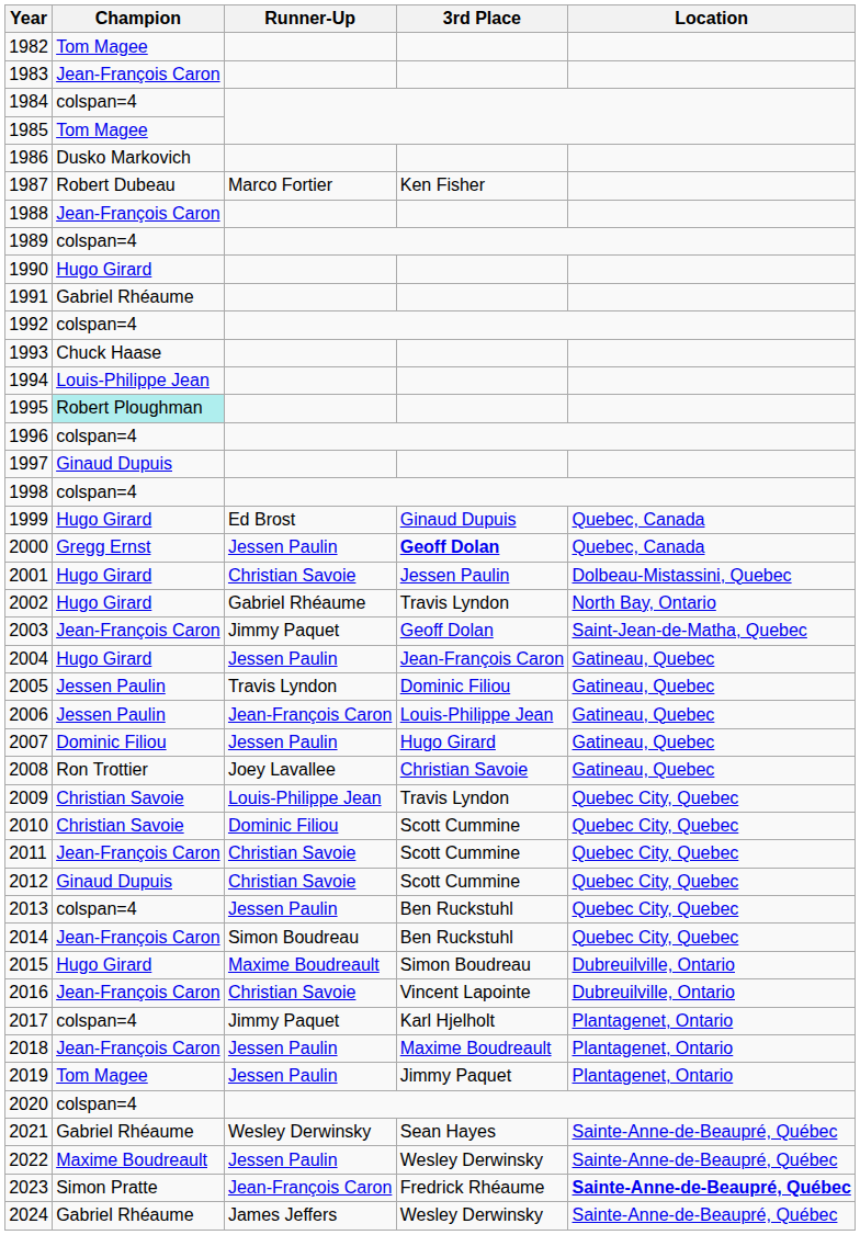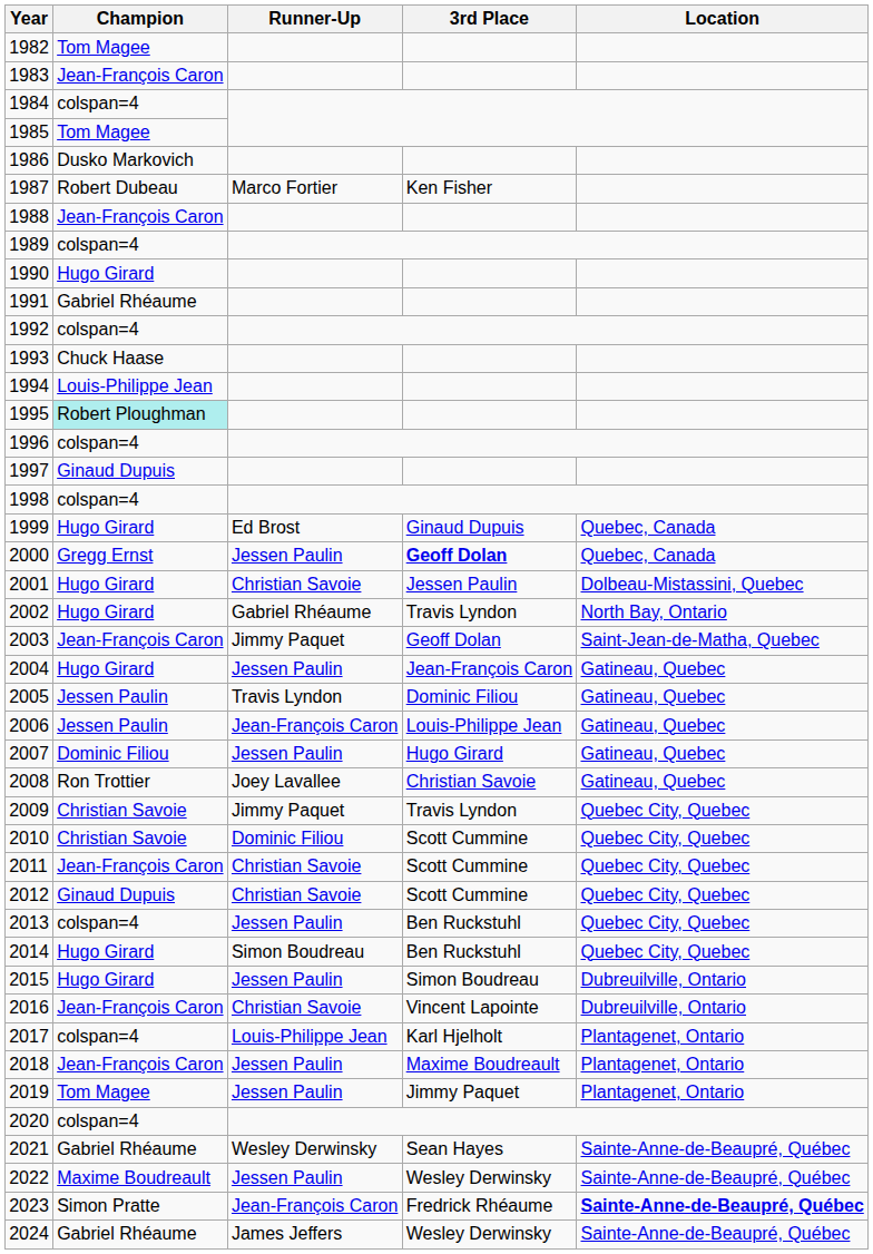 <table class="wikitable">
 <tr>
 <th>Year</th>
 <th>Champion</th>
 <th>Runner-Up</th>
 <th>3rd Place</th>
 <th>Location</th>
 </tr>
 <tr>
 <td>1982</td>
 <td> <a href='#'>Tom Magee</a></td>
 <td></td>
 <td></td>
 <td></td>
 </tr>
 <tr>
 <td>1983</td>
 <td> <a href='#'>Jean-François Caron</a></td>
 <td></td>
 <td></td>
 <td></td>
 </tr>
 <tr>
 <td>1984</td>
 <td>colspan=4 </td>
 </tr>
 <tr>
 <td>1985</td>
 <td> <a href='#'>Tom Magee</a></td>
 </tr>
 <tr>
 <td>1986</td>
 <td> Dusko Markovich</td>
 <td></td>
 <td></td>
 <td></td>
 </tr>
 <tr>
 <td>1987</td>
 <td> Robert Dubeau</td>
 <td> Marco Fortier</td>
 <td> Ken Fisher</td>
 <td></td>
 </tr>
 <tr>
 <td>1988</td>
 <td> <a href='#'>Jean-François Caron</a></td>
 <td></td>
 <td></td>
 <td></td>
 </tr>
 <tr>
 <td>1989</td>
 <td>colspan=4 </td>
 </tr>
 <tr>
 <td>1990</td>
 <td> <a href='#'>Hugo Girard</a></td>
 <td></td>
 <td></td>
 <td></td>
 </tr>
 <tr>
 <td>1991</td>
 <td> Gabriel Rhéaume</td>
 <td></td>
 <td></td>
 <td></td>
 </tr>
 <tr>
 <td>1992</td>
 <td>colspan=4 </td>
 </tr>
 <tr>
 <td>1993</td>
 <td> Chuck Haase</td>
 <td></td>
 <td></td>
 <td></td>
 </tr>
 <tr>
 <td>1994</td>
 <td> <a href='#'>Louis-Philippe Jean</a></td>
 <td></td>
 <td></td>
 <td></td>
 </tr>
 <tr>
 <td>1995</td>
 <td style="background: paleturquoise;"> Robert Ploughman</td>
 <td></td>
 <td></td>
 <td></td>
 </tr>
 <tr>
 <td>1996</td>
 <td>colspan=4 </td>
 </tr>
 <tr>
 <td>1997</td>
 <td> <a href='#'>Ginaud Dupuis</a></td>
 <td></td>
 <td></td>
 <td></td>
 </tr>
 <tr>
 <td>1998</td>
 <td>colspan=4 </td>
 </tr>
 <tr>
 <td>1999</td>
 <td> <a href='#'>Hugo Girard</a></td>
 <td> Ed Brost</td>
 <td> <a href='#'>Ginaud Dupuis</a></td>
 <td><a href='#'>Quebec, Canada</a></td>
 </tr>
 <tr>
 <td>2000</td>
 <td> <a href='#'>Gregg Ernst</a></td>
 <td> <a href='#'>Jessen Paulin</a></td>
 <td><strong> <a href='#'>Geoff Dolan</a></strong></td>
 <td><a href='#'>Quebec, Canada</a></td>
 </tr>
 <tr>
 <td>2001</td>
 <td> <a href='#'>Hugo Girard</a></td>
 <td> <a href='#'>Christian Savoie</a></td>
 <td> <a href='#'>Jessen Paulin</a></td>
 <td><a href='#'>Dolbeau-Mistassini, Quebec</a></td>
 </tr>
 <tr>
 <td>2002</td>
 <td> <a href='#'>Hugo Girard</a></td>
 <td> Gabriel Rhéaume</td>
 <td> Travis Lyndon</td>
 <td><a href='#'>North Bay, Ontario</a></td>
 </tr>
 <tr>
 <td>2003</td>
 <td> <a href='#'>Jean-François Caron</a></td>
 <td> Jimmy Paquet</td>
 <td> <a href='#'>Geoff Dolan</a></td>
 <td><a href='#'>Saint-Jean-de-Matha, Quebec</a></td>
 </tr>
 <tr>
 <td>2004</td>
 <td> <a href='#'>Hugo Girard</a></td>
 <td> <a href='#'>Jessen Paulin</a></td>
 <td> <a href='#'>Jean-François Caron</a></td>
 <td><a href='#'>Gatineau, Quebec</a></td>
 </tr>
 <tr>
 <td>2005</td>
 <td> <a href='#'>Jessen Paulin</a></td>
 <td> Travis Lyndon</td>
 <td> <a href='#'>Dominic Filiou</a></td>
 <td><a href='#'>Gatineau, Quebec</a></td>
 </tr>
 <tr>
 <td>2006</td>
 <td> <a href='#'>Jessen Paulin</a></td>
 <td> <a href='#'>Jean-François Caron</a></td>
 <td> <a href='#'>Louis-Philippe Jean</a></td>
 <td><a href='#'>Gatineau, Quebec</a></td>
 </tr>
 <tr>
 <td>2007</td>
 <td> <a href='#'>Dominic Filiou</a></td>
 <td> <a href='#'>Jessen Paulin</a></td>
 <td> <a href='#'>Hugo Girard</a></td>
 <td><a href='#'>Gatineau, Quebec</a></td>
 </tr>
 <tr>
 <td>2008</td>
 <td> Ron Trottier</td>
 <td> Joey Lavallee</td>
 <td> <a href='#'>Christian Savoie</a></td>
 <td><a href='#'>Gatineau, Quebec</a></td>
 </tr>
 <tr>
 <td>2009</td>
 <td> <a href='#'>Christian Savoie</a></td>
-<td> <a href='#'>Louis-Philippe Jean</a></td>
+<td> Jimmy Paquet</td>
 <td> Travis Lyndon</td>
 <td><a href='#'>Quebec City, Quebec</a></td>
 </tr>
 <tr>
 <td>2010</td>
 <td> <a href='#'>Christian Savoie</a></td>
 <td> <a href='#'>Dominic Filiou</a></td>
 <td> Scott Cummine</td>
 <td><a href='#'>Quebec City, Quebec</a></td>
 </tr>
 <tr>
 <td>2011</td>
 <td> <a href='#'>Jean-François Caron</a></td>
 <td> <a href='#'>Christian Savoie</a></td>
 <td> Scott Cummine</td>
 <td><a href='#'>Quebec City, Quebec</a></td>
 </tr>
 <tr>
 <td>2012</td>
 <td> <a href='#'>Ginaud Dupuis</a></td>
 <td> <a href='#'>Christian Savoie</a></td>
 <td> Scott Cummine</td>
 <td><a href='#'>Quebec City, Quebec</a></td>
 </tr>
 <tr>
 <td>2013</td>
 <td>colspan=4 </td>
 <td> <a href='#'>Jessen Paulin</a></td>
 <td> Ben Ruckstuhl</td>
 <td><a href='#'>Quebec City, Quebec</a></td>
 </tr>
 <tr>
 <td>2014</td>
-<td> <a href='#'>Jean-François Caron</a></td>
+<td> <a href='#'>Hugo Girard</a></td>
 <td> Simon Boudreau</td>
 <td> Ben Ruckstuhl</td>
 <td><a href='#'>Quebec City, Quebec</a></td>
 </tr>
 <tr>
 <td>2015</td>
 <td> <a href='#'>Hugo Girard</a></td>
-<td> <a href='#'>Maxime Boudreault</a></td>
+<td> <a href='#'>Jessen Paulin</a></td>
 <td> Simon Boudreau</td>
 <td><a href='#'>Dubreuilville, Ontario</a></td>
 </tr>
 <tr>
 <td>2016</td>
 <td> <a href='#'>Jean-François Caron</a></td>
 <td> <a href='#'>Christian Savoie</a></td>
 <td> Vincent Lapointe</td>
 <td><a href='#'>Dubreuilville, Ontario</a></td>
 </tr>
 <tr>
 <td>2017</td>
 <td>colspan=4 </td>
-<td> Jimmy Paquet</td>
+<td> <a href='#'>Louis-Philippe Jean</a></td>
 <td> Karl Hjelholt</td>
 <td><a href='#'>Plantagenet, Ontario</a></td>
 </tr>
 <tr>
 <td>2018</td>
 <td> <a href='#'>Jean-François Caron</a></td>
 <td> <a href='#'>Jessen Paulin</a></td>
 <td> <a href='#'>Maxime Boudreault</a></td>
 <td><a href='#'>Plantagenet, Ontario</a></td>
 </tr>
 <tr>
 <td>2019</td>
 <td> <a href='#'>Tom Magee</a></td>
 <td> <a href='#'>Jessen Paulin</a></td>
 <td> Jimmy Paquet</td>
 <td><a href='#'>Plantagenet, Ontario</a></td>
 </tr>
 <tr>
 <td>2020</td>
 <td>colspan=4 </td>
 </tr>
 <tr>
 <td>2021</td>
 <td> Gabriel Rhéaume</td>
 <td> Wesley Derwinsky</td>
 <td> Sean Hayes</td>
 <td><a href='#'>Sainte-Anne-de-Beaupré, Québec</a></td>
 </tr>
 <tr>
 <td>2022</td>
 <td> <a href='#'>Maxime Boudreault</a></td>
 <td> <a href='#'>Jessen Paulin</a></td>
 <td> Wesley Derwinsky</td>
 <td><a href='#'>Sainte-Anne-de-Beaupré, Québec</a></td>
 </tr>
 <tr>
 <td>2023</td>
 <td> Simon Pratte</td>
 <td> <a href='#'>Jean-François Caron</a></td>
 <td> Fredrick Rhéaume</td>
 <td><strong><a href='#'>Sainte-Anne-de-Beaupré, Québec</a></strong></td>
 </tr>
 <tr>
 <td>2024</td>
 <td> Gabriel Rhéaume</td>
 <td> James Jeffers</td>
 <td> Wesley Derwinsky</td>
 <td><a href='#'>Sainte-Anne-de-Beaupré, Québec</a></td>
 </tr>
 </table>
